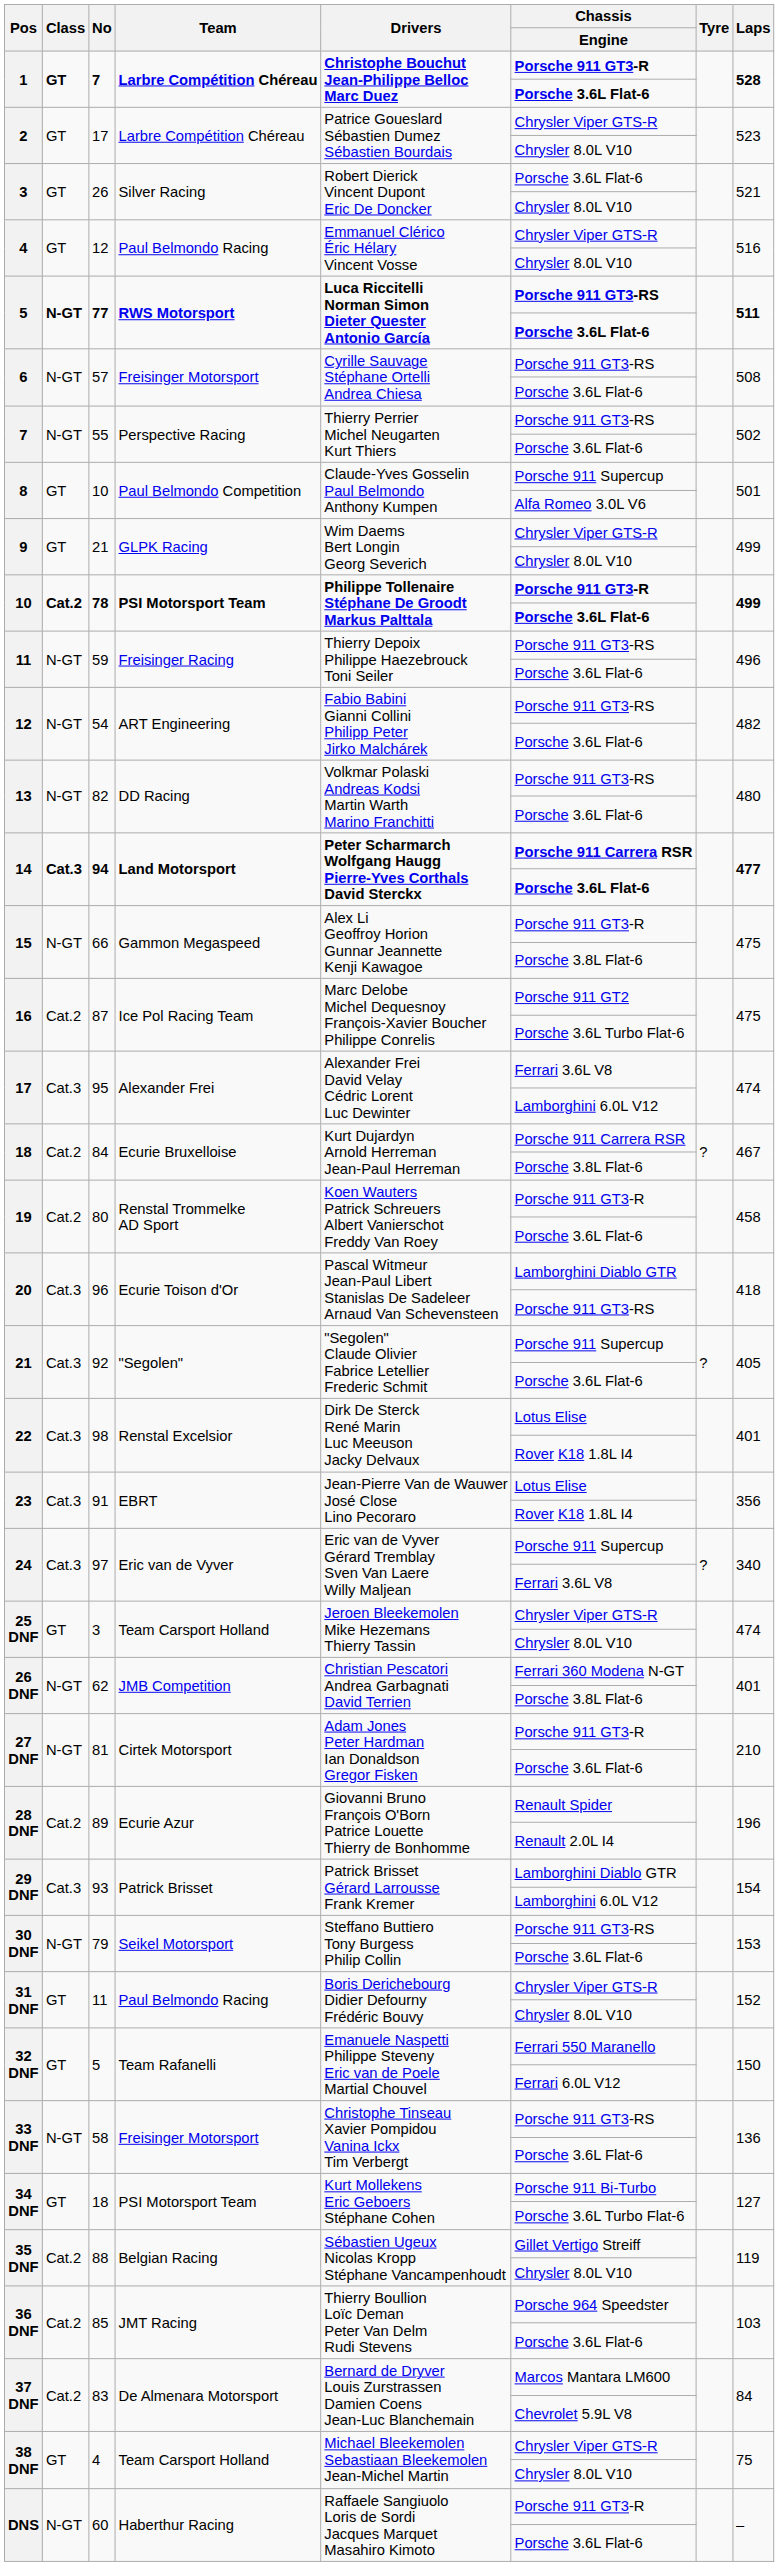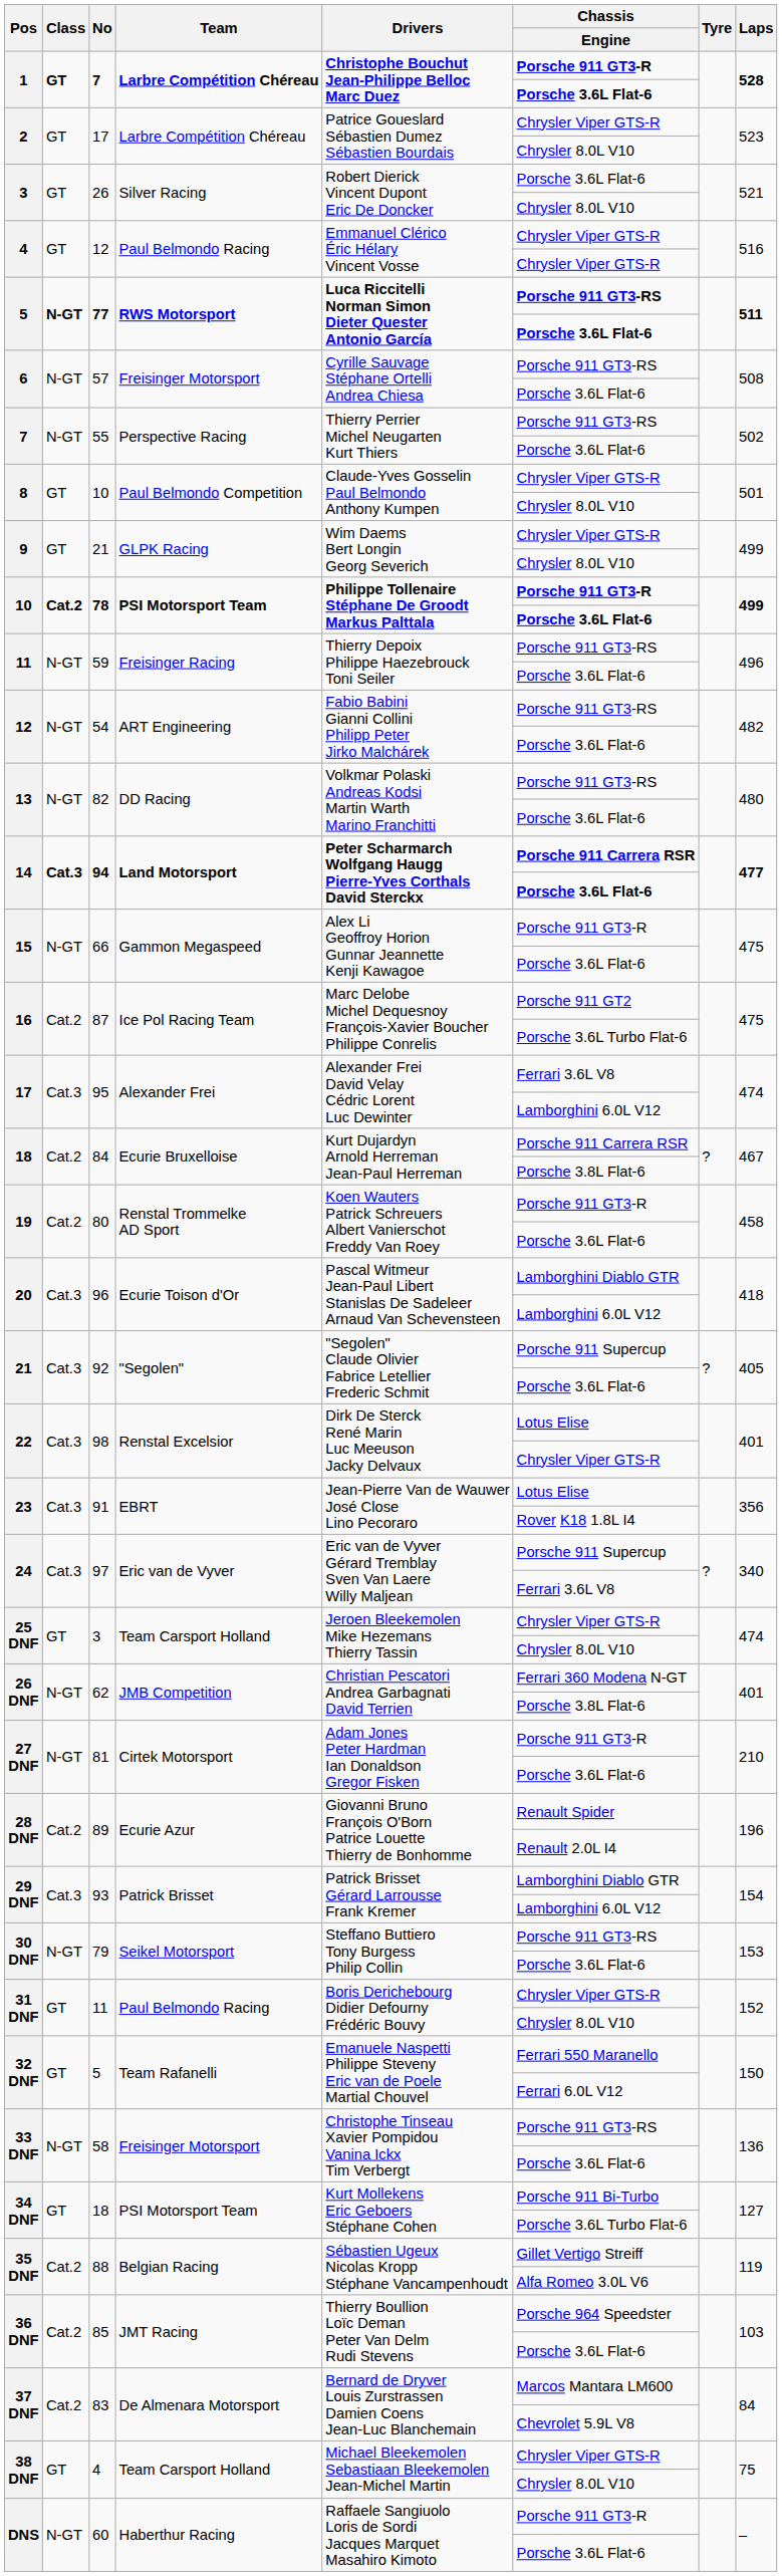 <table class="wikitable" style="font-size: 95%;">
 <tr>
 <th rowspan=2>Pos</th>
 <th rowspan=2>Class</th>
 <th rowspan=2>No</th>
 <th rowspan=2>Team</th>
 <th rowspan=2>Drivers</th>
 <th>Chassis</th>
 <th rowspan=2>Tyre</th>
 <th rowspan=2>Laps</th>
 </tr>
 <tr>
 <th>Engine</th>
 </tr>
 <tr style="font-weight:bold">
 <th rowspan=2>1</th>
 <td rowspan=2>GT</td>
 <td rowspan=2>7</td>
 <td rowspan=2> <a href='#'>Larbre Compétition</a> Chéreau</td>
 <td rowspan=2> <a href='#'>Christophe Bouchut</a><br> <a href='#'>Jean-Philippe Belloc</a><br> <a href='#'>Marc Duez</a></td>
 <td><a href='#'>Porsche 911 GT3</a>-R</td>
 <td rowspan=2></td>
 <td rowspan=2>528</td>
 </tr>
 <tr style="font-weight:bold">
 <td><a href='#'>Porsche</a> 3.6L Flat-6</td>
 </tr>
 <tr>
 <th rowspan=2>2</th>
 <td rowspan=2>GT</td>
 <td rowspan=2>17</td>
 <td rowspan=2> <a href='#'>Larbre Compétition</a> Chéreau</td>
 <td rowspan=2> Patrice Goueslard<br> Sébastien Dumez<br> <a href='#'>Sébastien Bourdais</a></td>
 <td><a href='#'>Chrysler Viper GTS-R</a></td>
 <td rowspan=2></td>
 <td rowspan=2>523</td>
 </tr>
 <tr>
 <td><a href='#'>Chrysler</a> 8.0L V10</td>
 </tr>
 <tr>
 <th rowspan=2>3</th>
 <td rowspan=2>GT</td>
 <td rowspan=2>26</td>
 <td rowspan=2> Silver Racing</td>
 <td rowspan=2> Robert Dierick<br> Vincent Dupont<br> <a href='#'>Eric De Doncker</a></td>
 <td><a href='#'>Porsche</a> 3.6L Flat-6</td>
 <td rowspan=2></td>
 <td rowspan=2>521</td>
 </tr>
 <tr>
 <td><a href='#'>Chrysler</a> 8.0L V10</td>
 </tr>
 <tr>
 <th rowspan=2>4</th>
 <td rowspan=2>GT</td>
 <td rowspan=2>12</td>
 <td rowspan=2> <a href='#'>Paul Belmondo</a> Racing</td>
 <td rowspan=2> <a href='#'>Emmanuel Clérico</a><br> <a href='#'>Éric Hélary</a><br> Vincent Vosse</td>
 <td><a href='#'>Chrysler Viper GTS-R</a></td>
 <td rowspan=2></td>
 <td rowspan=2>516</td>
 </tr>
 <tr>
-<td><a href='#'>Chrysler</a> 8.0L V10</td>
+<td><a href='#'>Chrysler Viper GTS-R</a></td>
 </tr>
 <tr style="font-weight:bold">
 <th rowspan=2>5</th>
 <td rowspan=2>N-GT</td>
 <td rowspan=2>77</td>
 <td rowspan=2> <a href='#'>RWS Motorsport</a></td>
 <td rowspan=2> Luca Riccitelli<br> Norman Simon<br> <a href='#'>Dieter Quester</a><br> <a href='#'>Antonio García</a></td>
 <td><a href='#'>Porsche 911 GT3</a>-RS</td>
 <td rowspan=2></td>
 <td rowspan=2>511</td>
 </tr>
 <tr style="font-weight:bold">
 <td><a href='#'>Porsche</a> 3.6L Flat-6</td>
 </tr>
 <tr>
 <th rowspan=2>6</th>
 <td rowspan=2>N-GT</td>
 <td rowspan=2>57</td>
 <td rowspan=2> <a href='#'>Freisinger Motorsport</a></td>
 <td rowspan=2> <a href='#'>Cyrille Sauvage</a><br> <a href='#'>Stéphane Ortelli</a><br> <a href='#'>Andrea Chiesa</a></td>
 <td><a href='#'>Porsche 911 GT3</a>-RS</td>
 <td rowspan=2></td>
 <td rowspan=2>508</td>
 </tr>
 <tr>
 <td><a href='#'>Porsche</a> 3.6L Flat-6</td>
 </tr>
 <tr>
 <th rowspan=2>7</th>
 <td rowspan=2>N-GT</td>
 <td rowspan=2>55</td>
 <td rowspan=2> Perspective Racing</td>
 <td rowspan=2> Thierry Perrier<br> Michel Neugarten<br> Kurt Thiers</td>
 <td><a href='#'>Porsche 911 GT3</a>-RS</td>
 <td rowspan=2></td>
 <td rowspan=2>502</td>
 </tr>
 <tr>
 <td><a href='#'>Porsche</a> 3.6L Flat-6</td>
 </tr>
 <tr>
 <th rowspan=2>8</th>
 <td rowspan=2>GT</td>
 <td rowspan=2>10</td>
 <td rowspan=2> <a href='#'>Paul Belmondo</a> Competition</td>
 <td rowspan=2> Claude-Yves Gosselin<br> <a href='#'>Paul Belmondo</a><br> Anthony Kumpen</td>
-<td><a href='#'>Porsche 911</a> Supercup</td>
+<td><a href='#'>Chrysler Viper GTS-R</a></td>
 <td rowspan=2></td>
 <td rowspan=2>501</td>
 </tr>
 <tr>
-<td><a href='#'>Alfa Romeo</a> 3.0L V6</td>
+<td><a href='#'>Chrysler</a> 8.0L V10</td>
 </tr>
 <tr>
 <th rowspan=2>9</th>
 <td rowspan=2>GT</td>
 <td rowspan=2>21</td>
 <td rowspan=2> <a href='#'>GLPK Racing</a></td>
 <td rowspan=2> Wim Daems<br> Bert Longin<br> Georg Severich</td>
 <td><a href='#'>Chrysler Viper GTS-R</a></td>
 <td rowspan=2></td>
 <td rowspan=2>499</td>
 </tr>
 <tr>
 <td><a href='#'>Chrysler</a> 8.0L V10</td>
 </tr>
 <tr style="font-weight:bold">
 <th rowspan=2>10</th>
 <td rowspan=2>Cat.2</td>
 <td rowspan=2>78</td>
 <td rowspan=2> PSI Motorsport Team</td>
 <td rowspan=2> Philippe Tollenaire<br> <a href='#'>Stéphane De Groodt</a><br> <a href='#'>Markus Palttala</a></td>
 <td><a href='#'>Porsche 911 GT3</a>-R</td>
 <td rowspan=2></td>
 <td rowspan=2>499</td>
 </tr>
 <tr style="font-weight:bold">
 <td><a href='#'>Porsche</a> 3.6L Flat-6</td>
 </tr>
 <tr>
 <th rowspan=2>11</th>
 <td rowspan=2>N-GT</td>
 <td rowspan=2>59</td>
 <td rowspan=2> <a href='#'>Freisinger Racing</a></td>
 <td rowspan=2> Thierry Depoix<br> Philippe Haezebrouck<br> Toni Seiler</td>
 <td><a href='#'>Porsche 911 GT3</a>-RS</td>
 <td rowspan=2></td>
 <td rowspan=2>496</td>
 </tr>
 <tr>
 <td><a href='#'>Porsche</a> 3.6L Flat-6</td>
 </tr>
 <tr>
 <th rowspan=2>12</th>
 <td rowspan=2>N-GT</td>
 <td rowspan=2>54</td>
 <td rowspan=2> ART Engineering</td>
 <td rowspan=2> <a href='#'>Fabio Babini</a><br> Gianni Collini<br> <a href='#'>Philipp Peter</a><br> <a href='#'>Jirko Malchárek</a></td>
 <td><a href='#'>Porsche 911 GT3</a>-RS</td>
 <td rowspan=2></td>
 <td rowspan=2>482</td>
 </tr>
 <tr>
 <td><a href='#'>Porsche</a> 3.6L Flat-6</td>
 </tr>
 <tr>
 <th rowspan=2>13</th>
 <td rowspan=2>N-GT</td>
 <td rowspan=2>82</td>
 <td rowspan=2> DD Racing</td>
 <td rowspan=2> Volkmar Polaski<br> <a href='#'>Andreas Kodsi</a><br> Martin Warth<br> <a href='#'>Marino Franchitti</a></td>
 <td><a href='#'>Porsche 911 GT3</a>-RS</td>
 <td rowspan=2></td>
 <td rowspan=2>480</td>
 </tr>
 <tr>
 <td><a href='#'>Porsche</a> 3.6L Flat-6</td>
 </tr>
 <tr style="font-weight:bold">
 <th rowspan=2>14</th>
 <td rowspan=2>Cat.3</td>
 <td rowspan=2>94</td>
 <td rowspan=2> Land Motorsport</td>
 <td rowspan=2> Peter Scharmarch<br> Wolfgang Haugg<br> <a href='#'>Pierre-Yves Corthals</a><br> David Sterckx</td>
 <td><a href='#'>Porsche 911 Carrera</a> RSR</td>
 <td rowspan=2></td>
 <td rowspan=2>477</td>
 </tr>
 <tr style="font-weight:bold">
 <td><a href='#'>Porsche</a> 3.6L Flat-6</td>
 </tr>
 <tr>
 <th rowspan=2>15</th>
 <td rowspan=2>N-GT</td>
 <td rowspan=2>66</td>
 <td rowspan=2> Gammon Megaspeed</td>
 <td rowspan=2> Alex Li<br> Geoffroy Horion<br> Gunnar Jeannette<br> Kenji Kawagoe</td>
 <td><a href='#'>Porsche 911 GT3</a>-R</td>
 <td rowspan=2></td>
 <td rowspan=2>475</td>
 </tr>
 <tr>
-<td><a href='#'>Porsche</a> 3.8L Flat-6</td>
+<td><a href='#'>Porsche</a> 3.6L Flat-6</td>
 </tr>
 <tr>
 <th rowspan=2>16</th>
 <td rowspan=2>Cat.2</td>
 <td rowspan=2>87</td>
 <td rowspan=2> Ice Pol Racing Team</td>
 <td rowspan=2> Marc Delobe<br> Michel Dequesnoy<br> François-Xavier Boucher<br> Philippe Conrelis</td>
 <td><a href='#'>Porsche 911 GT2</a></td>
 <td rowspan=2></td>
 <td rowspan=2>475</td>
 </tr>
 <tr>
 <td><a href='#'>Porsche</a> 3.6L Turbo Flat-6</td>
 </tr>
 <tr>
 <th rowspan=2>17</th>
 <td rowspan=2>Cat.3</td>
 <td rowspan=2>95</td>
 <td rowspan=2> Alexander Frei</td>
 <td rowspan=2> Alexander Frei<br> David Velay<br> Cédric Lorent<br> Luc Dewinter</td>
 <td><a href='#'>Ferrari</a> 3.6L V8</td>
 <td rowspan=2></td>
 <td rowspan=2>474</td>
 </tr>
 <tr>
 <td><a href='#'>Lamborghini</a> 6.0L V12</td>
 </tr>
 <tr>
 <th rowspan=2>18</th>
 <td rowspan=2>Cat.2</td>
 <td rowspan=2>84</td>
 <td rowspan=2> Ecurie Bruxelloise</td>
 <td rowspan=2> Kurt Dujardyn<br> Arnold Herreman<br> Jean-Paul Herreman</td>
 <td><a href='#'>Porsche 911 Carrera RSR</a></td>
 <td rowspan=2>?</td>
 <td rowspan=2>467</td>
 </tr>
 <tr>
 <td><a href='#'>Porsche</a> 3.8L Flat-6</td>
 </tr>
 <tr>
 <th rowspan=2>19</th>
 <td rowspan=2>Cat.2</td>
 <td rowspan=2>80</td>
 <td rowspan=2> Renstal Trommelke<br> AD Sport</td>
 <td rowspan=2> <a href='#'>Koen Wauters</a><br> Patrick Schreuers<br> Albert Vanierschot<br> Freddy Van Roey</td>
 <td><a href='#'>Porsche 911 GT3</a>-R</td>
 <td rowspan=2></td>
 <td rowspan=2>458</td>
 </tr>
 <tr>
 <td><a href='#'>Porsche</a> 3.6L Flat-6</td>
 </tr>
 <tr>
 <th rowspan=2>20</th>
 <td rowspan=2>Cat.3</td>
 <td rowspan=2>96</td>
 <td rowspan=2> Ecurie Toison d'Or</td>
 <td rowspan=2> Pascal Witmeur<br> Jean-Paul Libert<br> Stanislas De Sadeleer<br> Arnaud Van Schevensteen</td>
 <td><a href='#'>Lamborghini Diablo GTR</a></td>
 <td rowspan=2></td>
 <td rowspan=2>418</td>
 </tr>
 <tr>
-<td><a href='#'>Porsche 911 GT3</a>-RS</td>
+<td><a href='#'>Lamborghini</a> 6.0L V12</td>
 </tr>
 <tr>
 <th rowspan=2>21</th>
 <td rowspan=2>Cat.3</td>
 <td rowspan=2>92</td>
 <td rowspan=2> "Segolen"</td>
 <td rowspan=2> "Segolen"<br> Claude Olivier<br> Fabrice Letellier<br> Frederic Schmit</td>
 <td><a href='#'>Porsche 911</a> Supercup</td>
 <td rowspan=2>?</td>
 <td rowspan=2>405</td>
 </tr>
 <tr>
 <td><a href='#'>Porsche</a> 3.6L Flat-6</td>
 </tr>
 <tr>
 <th rowspan=2>22</th>
 <td rowspan=2>Cat.3</td>
 <td rowspan=2>98</td>
 <td rowspan=2> Renstal Excelsior</td>
 <td rowspan=2> Dirk De Sterck<br> René Marin<br> Luc Meeuson<br> Jacky Delvaux</td>
 <td><a href='#'>Lotus Elise</a></td>
 <td rowspan=2></td>
 <td rowspan=2>401</td>
 </tr>
 <tr>
-<td><a href='#'>Rover</a> <a href='#'>K18</a> 1.8L I4</td>
+<td><a href='#'>Chrysler Viper GTS-R</a></td>
 </tr>
 <tr>
 <th rowspan=2>23</th>
 <td rowspan=2>Cat.3</td>
 <td rowspan=2>91</td>
 <td rowspan=2> EBRT</td>
 <td rowspan=2> Jean-Pierre Van de Wauwer<br> José Close<br> Lino Pecoraro</td>
 <td><a href='#'>Lotus Elise</a></td>
 <td rowspan=2></td>
 <td rowspan=2>356</td>
 </tr>
 <tr>
 <td><a href='#'>Rover</a> <a href='#'>K18</a> 1.8L I4</td>
 </tr>
 <tr>
 <th rowspan=2>24</th>
 <td rowspan=2>Cat.3</td>
 <td rowspan=2>97</td>
 <td rowspan=2> Eric van de Vyver</td>
 <td rowspan=2> Eric van de Vyver<br> Gérard Tremblay<br> Sven Van Laere<br> Willy Maljean</td>
 <td><a href='#'>Porsche 911</a> Supercup</td>
 <td rowspan=2>?</td>
 <td rowspan=2>340</td>
 </tr>
 <tr>
 <td><a href='#'>Ferrari</a> 3.6L V8</td>
 </tr>
 <tr>
 <th rowspan=2>25<br>DNF</th>
 <td rowspan=2>GT</td>
 <td rowspan=2>3</td>
 <td rowspan=2> Team Carsport Holland</td>
 <td rowspan=2> <a href='#'>Jeroen Bleekemolen</a><br> Mike Hezemans<br> Thierry Tassin</td>
 <td><a href='#'>Chrysler Viper GTS-R</a></td>
 <td rowspan=2></td>
 <td rowspan=2>474</td>
 </tr>
 <tr>
 <td><a href='#'>Chrysler</a> 8.0L V10</td>
 </tr>
 <tr>
 <th rowspan=2>26<br>DNF</th>
 <td rowspan=2>N-GT</td>
 <td rowspan=2>62</td>
 <td rowspan=2> <a href='#'>JMB Competition</a></td>
 <td rowspan=2> <a href='#'>Christian Pescatori</a><br> Andrea Garbagnati<br> <a href='#'>David Terrien</a></td>
 <td><a href='#'>Ferrari 360 Modena</a> N-GT</td>
 <td rowspan=2></td>
 <td rowspan=2>401</td>
 </tr>
 <tr>
 <td><a href='#'>Porsche</a> 3.8L Flat-6</td>
 </tr>
 <tr>
 <th rowspan=2>27<br>DNF</th>
 <td rowspan=2>N-GT</td>
 <td rowspan=2>81</td>
 <td rowspan=2> Cirtek Motorsport</td>
 <td rowspan=2> <a href='#'>Adam Jones</a><br> <a href='#'>Peter Hardman</a><br> Ian Donaldson<br> <a href='#'>Gregor Fisken</a></td>
 <td><a href='#'>Porsche 911 GT3</a>-R</td>
 <td rowspan=2></td>
 <td rowspan=2>210</td>
 </tr>
 <tr>
 <td><a href='#'>Porsche</a> 3.6L Flat-6</td>
 </tr>
 <tr>
 <th rowspan=2>28<br>DNF</th>
 <td rowspan=2>Cat.2</td>
 <td rowspan=2>89</td>
 <td rowspan=2> Ecurie Azur</td>
 <td rowspan=2> Giovanni Bruno<br> François O'Born<br> Patrice Louette<br> Thierry de Bonhomme</td>
 <td><a href='#'>Renault Spider</a></td>
 <td rowspan=2></td>
 <td rowspan=2>196</td>
 </tr>
 <tr>
 <td><a href='#'>Renault</a> 2.0L I4</td>
 </tr>
 <tr>
 <th rowspan=2>29<br>DNF</th>
 <td rowspan=2>Cat.3</td>
 <td rowspan=2>93</td>
 <td rowspan=2> Patrick Brisset</td>
 <td rowspan=2> Patrick Brisset<br> <a href='#'>Gérard Larrousse</a><br> Frank Kremer</td>
 <td><a href='#'>Lamborghini Diablo</a> GTR</td>
 <td rowspan=2></td>
 <td rowspan=2>154</td>
 </tr>
 <tr>
 <td><a href='#'>Lamborghini</a> 6.0L V12</td>
 </tr>
 <tr>
 <th rowspan=2>30<br>DNF</th>
 <td rowspan=2>N-GT</td>
 <td rowspan=2>79</td>
 <td rowspan=2> <a href='#'>Seikel Motorsport</a></td>
 <td rowspan=2> Steffano Buttiero<br> Tony Burgess<br> Philip Collin</td>
 <td><a href='#'>Porsche 911 GT3</a>-RS</td>
 <td rowspan=2></td>
 <td rowspan=2>153</td>
 </tr>
 <tr>
 <td><a href='#'>Porsche</a> 3.6L Flat-6</td>
 </tr>
 <tr>
 <th rowspan=2>31<br>DNF</th>
 <td rowspan=2>GT</td>
 <td rowspan=2>11</td>
 <td rowspan=2> <a href='#'>Paul Belmondo</a> Racing</td>
 <td rowspan=2> <a href='#'>Boris Derichebourg</a><br> Didier Defourny<br> Frédéric Bouvy</td>
 <td><a href='#'>Chrysler Viper GTS-R</a></td>
 <td rowspan=2></td>
 <td rowspan=2>152</td>
 </tr>
 <tr>
 <td><a href='#'>Chrysler</a> 8.0L V10</td>
 </tr>
 <tr>
 <th rowspan=2>32<br>DNF</th>
 <td rowspan=2>GT</td>
 <td rowspan=2>5</td>
 <td rowspan=2> Team Rafanelli</td>
 <td rowspan=2> <a href='#'>Emanuele Naspetti</a><br> Philippe Steveny<br> <a href='#'>Eric van de Poele</a><br> Martial Chouvel</td>
 <td><a href='#'>Ferrari 550 Maranello</a></td>
 <td rowspan=2></td>
 <td rowspan=2>150</td>
 </tr>
 <tr>
 <td><a href='#'>Ferrari</a> 6.0L V12</td>
 </tr>
 <tr>
 <th rowspan=2>33<br>DNF</th>
 <td rowspan=2>N-GT</td>
 <td rowspan=2>58</td>
 <td rowspan=2> <a href='#'>Freisinger Motorsport</a></td>
 <td rowspan=2> <a href='#'>Christophe Tinseau</a><br> Xavier Pompidou<br> <a href='#'>Vanina Ickx</a><br> Tim Verbergt</td>
 <td><a href='#'>Porsche 911 GT3</a>-RS</td>
 <td rowspan=2></td>
 <td rowspan=2>136</td>
 </tr>
 <tr>
 <td><a href='#'>Porsche</a> 3.6L Flat-6</td>
 </tr>
 <tr>
 <th rowspan=2>34<br>DNF</th>
 <td rowspan=2>GT</td>
 <td rowspan=2>18</td>
 <td rowspan=2> PSI Motorsport Team</td>
 <td rowspan=2> <a href='#'>Kurt Mollekens</a><br> <a href='#'>Eric Geboers</a><br> Stéphane Cohen</td>
 <td><a href='#'>Porsche 911 Bi-Turbo</a></td>
 <td rowspan=2></td>
 <td rowspan=2>127</td>
 </tr>
 <tr>
 <td><a href='#'>Porsche</a> 3.6L Turbo Flat-6</td>
 </tr>
 <tr>
 <th rowspan=2>35<br>DNF</th>
 <td rowspan=2>Cat.2</td>
 <td rowspan=2>88</td>
 <td rowspan=2> Belgian Racing</td>
 <td rowspan=2> <a href='#'>Sébastien Ugeux</a><br> Nicolas Kropp<br> Stéphane Vancampenhoudt</td>
 <td><a href='#'>Gillet Vertigo</a> Streiff</td>
 <td rowspan=2></td>
 <td rowspan=2>119</td>
 </tr>
 <tr>
-<td><a href='#'>Chrysler</a> 8.0L V10</td>
+<td><a href='#'>Alfa Romeo</a> 3.0L V6</td>
 </tr>
 <tr>
 <th rowspan=2>36<br>DNF</th>
 <td rowspan=2>Cat.2</td>
 <td rowspan=2>85</td>
 <td rowspan=2> JMT Racing</td>
 <td rowspan=2> Thierry Boullion<br> Loïc Deman<br> Peter Van Delm<br> Rudi Stevens</td>
 <td><a href='#'>Porsche 964</a> Speedster</td>
 <td rowspan=2></td>
 <td rowspan=2>103</td>
 </tr>
 <tr>
 <td><a href='#'>Porsche</a> 3.6L Flat-6</td>
 </tr>
 <tr>
 <th rowspan=2>37<br>DNF</th>
 <td rowspan=2>Cat.2</td>
 <td rowspan=2>83</td>
 <td rowspan=2> De Almenara Motorsport</td>
 <td rowspan=2> <a href='#'>Bernard de Dryver</a><br> Louis Zurstrassen<br> Damien Coens<br> Jean-Luc Blanchemain</td>
 <td><a href='#'>Marcos</a> Mantara LM600</td>
 <td rowspan=2></td>
 <td rowspan=2>84</td>
 </tr>
 <tr>
 <td><a href='#'>Chevrolet</a> 5.9L V8</td>
 </tr>
 <tr>
 <th rowspan=2>38<br>DNF</th>
 <td rowspan=2>GT</td>
 <td rowspan=2>4</td>
 <td rowspan=2> Team Carsport Holland</td>
 <td rowspan=2> <a href='#'>Michael Bleekemolen</a><br> <a href='#'>Sebastiaan Bleekemolen</a><br> Jean-Michel Martin</td>
 <td><a href='#'>Chrysler Viper GTS-R</a></td>
 <td rowspan=2></td>
 <td rowspan=2>75</td>
 </tr>
 <tr>
 <td><a href='#'>Chrysler</a> 8.0L V10</td>
 </tr>
 <tr>
 <th rowspan=2>DNS</th>
 <td rowspan=2>N-GT</td>
 <td rowspan=2>60</td>
 <td rowspan=2> Haberthur Racing</td>
 <td rowspan=2> Raffaele Sangiuolo<br> Loris de Sordi<br> Jacques Marquet<br> Masahiro Kimoto</td>
 <td><a href='#'>Porsche 911 GT3</a>-R</td>
 <td rowspan=2></td>
 <td rowspan=2>–</td>
 </tr>
 <tr>
 <td><a href='#'>Porsche</a> 3.6L Flat-6</td>
 </tr>
 </table>
